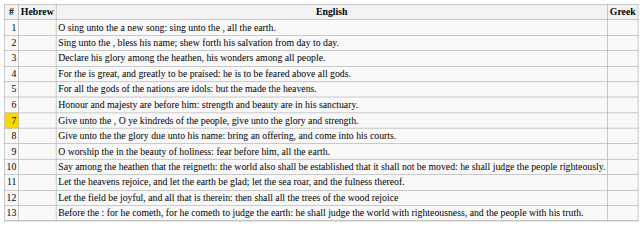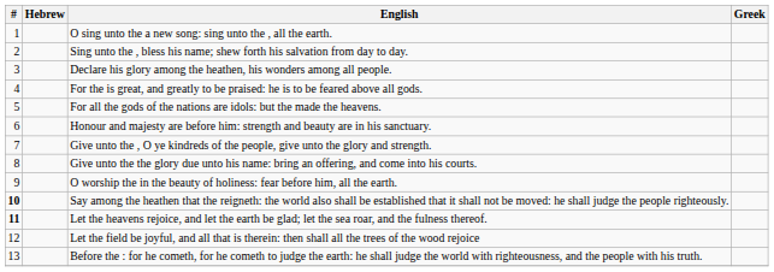 <table class=wikitable>
 <tr>
 <th>#</th>
 <th>Hebrew</th>
 <th>English</th>
 <th>Greek</th>
 </tr>
 <tr>
 <td style="text-align:right">1</td>
 <td style="text-align:right"></td>
 <td>O sing unto the  a new song: sing unto the , all the earth.</td>
 <td></td>
 </tr>
 <tr>
 <td style="text-align:right">2</td>
 <td style="text-align:right"></td>
 <td>Sing unto the , bless his name; shew forth his salvation from day to day.</td>
 <td></td>
 </tr>
 <tr>
 <td style="text-align:right">3</td>
 <td style="text-align:right"></td>
 <td>Declare his glory among the heathen, his wonders among all people.</td>
 <td></td>
 </tr>
 <tr>
 <td style="text-align:right">4</td>
 <td style="text-align:right"></td>
 <td>For the  is great, and greatly to be praised: he is to be feared above all gods.</td>
 <td></td>
 </tr>
 <tr>
 <td style="text-align:right">5</td>
 <td style="text-align:right"></td>
 <td>For all the gods of the nations are idols: but the  made the heavens.</td>
 <td></td>
 </tr>
 <tr>
 <td style="text-align:right">6</td>
 <td style="text-align:right"></td>
 <td>Honour and majesty are before him: strength and beauty are in his sanctuary.</td>
 <td></td>
 </tr>
 <tr>
-<td style="background: gold; text-align:right">7</td>
+<td style="text-align:right">7</td>
 <td style="text-align:right"></td>
 <td>Give unto the , O ye kindreds of the people, give unto the  glory and strength.</td>
 <td></td>
 </tr>
 <tr>
 <td style="text-align:right">8</td>
 <td style="text-align:right"></td>
 <td>Give unto the  the glory due unto his name: bring an offering, and come into his courts.</td>
 <td></td>
 </tr>
 <tr>
 <td style="text-align:right">9</td>
 <td style="text-align:right"></td>
 <td>O worship the  in the beauty of holiness: fear before him, all the earth.</td>
 <td></td>
 </tr>
 <tr>
-<td style="text-align:right">10</td>
+<td style="text-align:right"><strong>10</strong></td>
 <td style="text-align:right"></td>
 <td>Say among the heathen that the  reigneth: the world also shall be established that it shall not be moved: he shall judge the people righteously.</td>
 <td></td>
 </tr>
 <tr>
-<td style="text-align:right">11</td>
+<td style="text-align:right"><strong>11</strong></td>
 <td style="text-align:right"></td>
 <td>Let the heavens rejoice, and let the earth be glad; let the sea roar, and the fulness thereof.</td>
 <td></td>
 </tr>
 <tr>
 <td style="text-align:right">12</td>
 <td style="text-align:right"></td>
 <td>Let the field be joyful, and all that is therein: then shall all the trees of the wood rejoice</td>
 <td></td>
 </tr>
 <tr>
 <td style="text-align:right">13</td>
 <td style="text-align:right"></td>
 <td>Before the : for he cometh, for he cometh to judge the earth: he shall judge the world with righteousness, and the people with his truth.</td>
 <td></td>
 </tr>
 <tr>
 </tr>
 </table>
